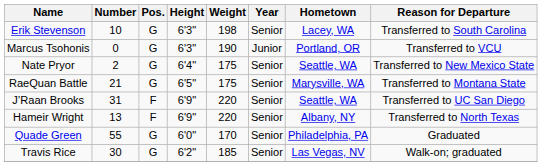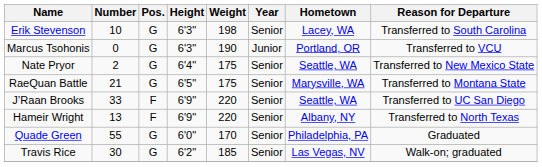 <table class="wikitable sortable sortable" style="text-align: center">
 <tr align=center>
 <th>Name</th>
 <th>Number</th>
 <th>Pos.</th>
 <th>Height</th>
 <th>Weight</th>
 <th>Year</th>
 <th>Hometown</th>
 <th>Reason for Departure</th>
 </tr>
 <tr>
 <td><a href='#'>Erik Stevenson</a></td>
 <td>10</td>
 <td>G</td>
 <td>6'3"</td>
 <td>198</td>
 <td>Senior</td>
 <td><a href='#'>Lacey, WA</a></td>
 <td>Transferred to <a href='#'>South Carolina</a></td>
 </tr>
 <tr>
 <td>Marcus Tsohonis</td>
 <td>0</td>
 <td>G</td>
 <td>6'3"</td>
 <td>190</td>
 <td>Junior</td>
 <td><a href='#'>Portland, OR</a></td>
 <td>Transferred to <a href='#'>VCU</a></td>
 </tr>
 <tr>
 <td>Nate Pryor</td>
 <td>2</td>
 <td>G</td>
 <td>6'4"</td>
 <td>175</td>
 <td>Senior</td>
 <td><a href='#'>Seattle, WA</a></td>
 <td>Transferred to <a href='#'>New Mexico State</a></td>
 </tr>
 <tr>
 <td>RaeQuan Battle</td>
 <td>21</td>
 <td>G</td>
 <td>6'5"</td>
 <td>175</td>
 <td>Senior</td>
 <td><a href='#'>Marysville, WA</a></td>
 <td>Transferred to <a href='#'>Montana State</a></td>
 </tr>
 <tr>
 <td>J’Raan Brooks</td>
-<td>31</td>
+<td>33</td>
 <td>F</td>
 <td>6'9"</td>
 <td>220</td>
 <td>Senior</td>
 <td><a href='#'>Seattle, WA</a></td>
 <td>Transferred to <a href='#'>UC San Diego</a></td>
 </tr>
 <tr>
 <td>Hameir Wright</td>
 <td>13</td>
 <td>F</td>
 <td>6'9"</td>
 <td>220</td>
 <td>Senior</td>
 <td><a href='#'>Albany, NY</a></td>
 <td>Transferred to <a href='#'>North Texas</a></td>
 </tr>
 <tr>
 <td><a href='#'>Quade Green</a></td>
 <td>55</td>
 <td>G</td>
 <td>6'0"</td>
 <td>170</td>
 <td>Senior</td>
 <td><a href='#'>Philadelphia, PA</a></td>
 <td>Graduated</td>
 </tr>
 <tr>
 <td>Travis Rice</td>
 <td>30</td>
 <td>G</td>
 <td>6'2"</td>
 <td>185</td>
 <td>Senior</td>
 <td><a href='#'>Las Vegas, NV</a></td>
 <td>Walk-on; graduated</td>
 </tr>
 <tr>
 </tr>
 </table>
